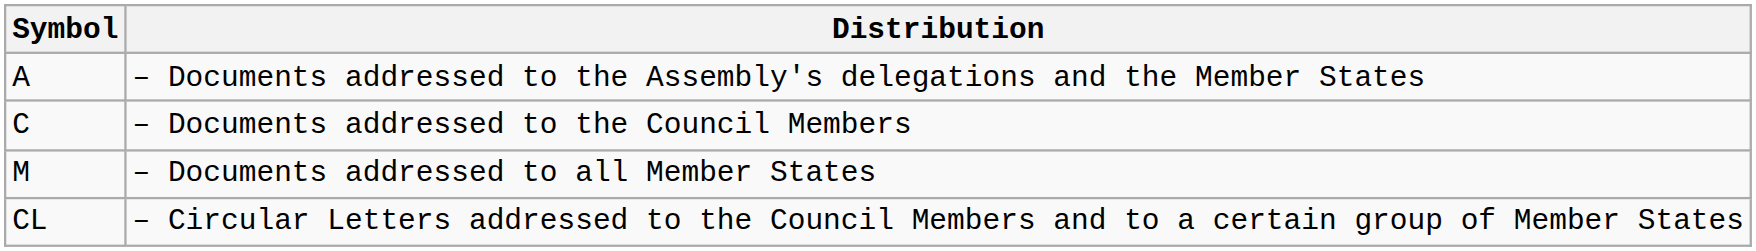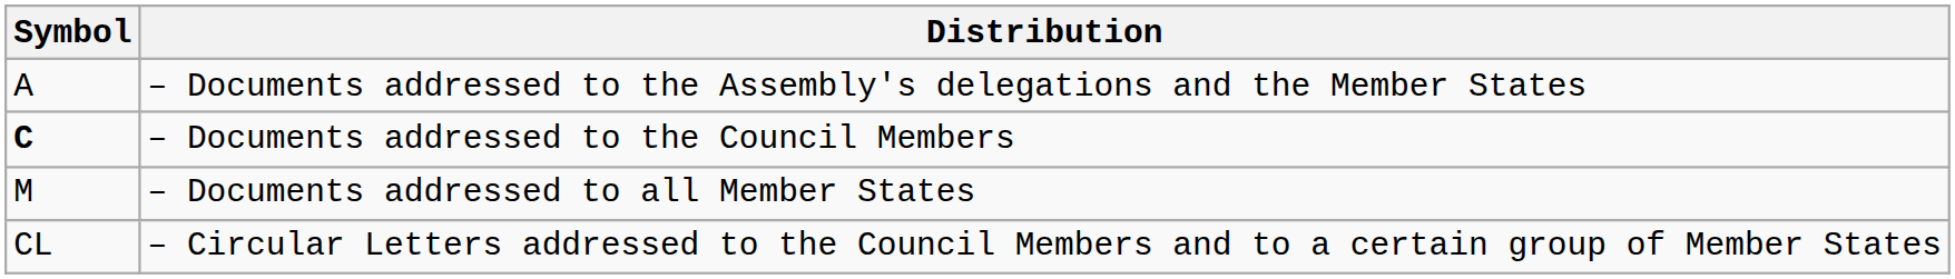 <table class="wikitable">
 <tr>
 <th>Symbol</th>
 <th>Distribution</th>
 </tr>
 <tr>
 <td>A</td>
 <td>– Documents addressed to the Assembly's delegations and the Member States</td>
 </tr>
 <tr>
-<td>C</td>
+<td><strong>C</strong></td>
 <td>– Documents addressed to the Council Members</td>
 </tr>
 <tr>
 <td>M</td>
 <td>– Documents addressed to all Member States</td>
 </tr>
 <tr>
 <td>CL</td>
 <td>– Circular Letters addressed to the Council Members and to a certain group of Member States</td>
 </tr>
 </table>
